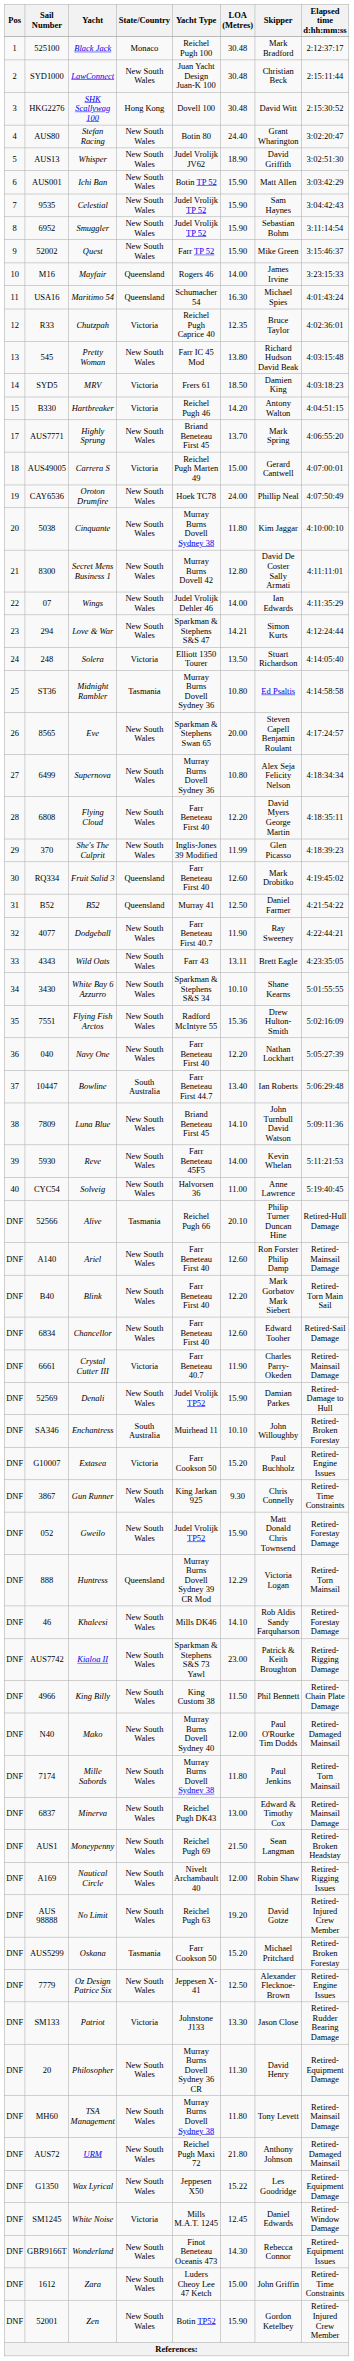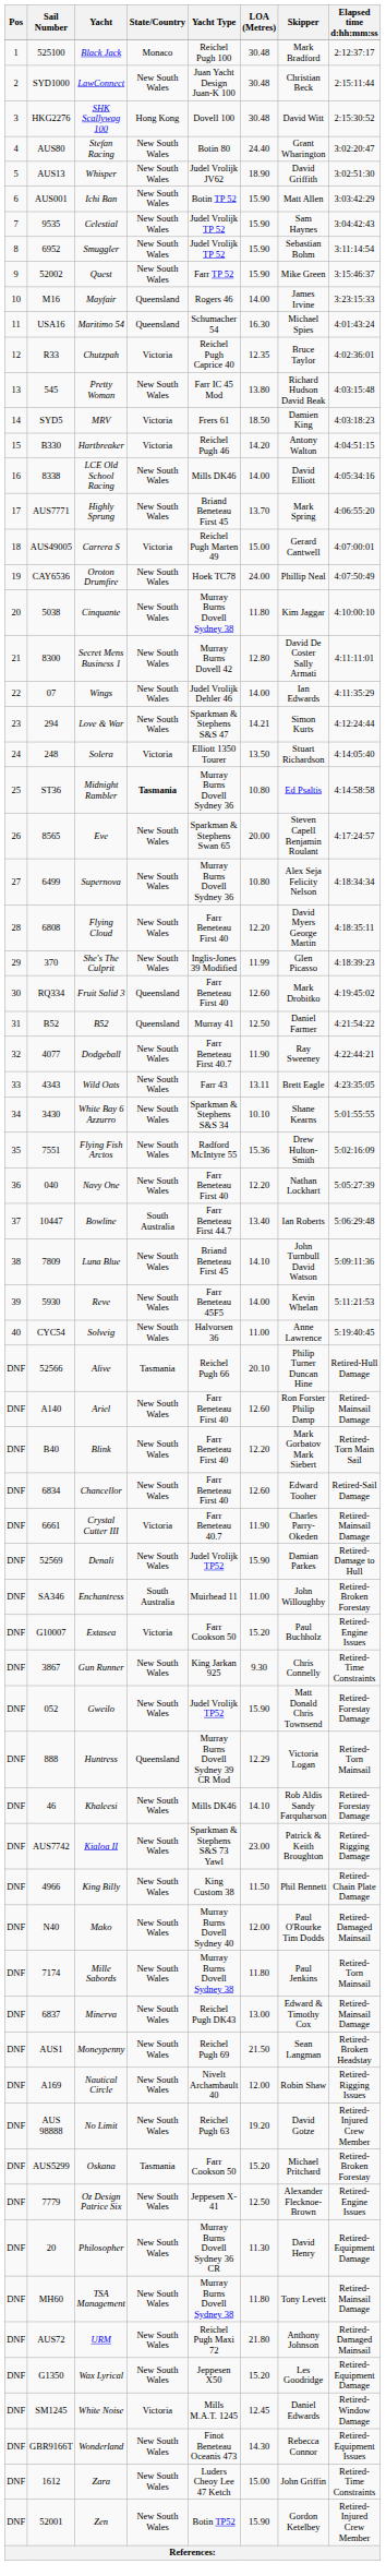 <table class="wikitable sortable" style="text-align: center;" "font-size: 100%;">
 <tr>
 <th>Pos</th>
 <th>Sail Number</th>
 <th>Yacht</th>
 <th>State/Country</th>
 <th>Yacht Type</th>
 <th>LOA <br>(Metres)</th>
 <th>Skipper</th>
 <th>Elapsed time <br>d:hh:mm:ss</th>
 </tr>
 <tr style="font-weight:bold">
 </tr>
 <tr>
 <td>1</td>
 <td>525100</td>
 <td><em><a href='#'>Black Jack</a></em></td>
 <td> Monaco</td>
 <td>Reichel Pugh 100</td>
 <td>30.48</td>
 <td>Mark Bradford</td>
 <td>2:12:37:17</td>
 </tr>
 <tr>
 <td>2</td>
 <td>SYD1000</td>
 <td><em><a href='#'>LawConnect</a></em></td>
 <td> New South Wales</td>
 <td>Juan Yacht Design Juan-K 100</td>
 <td>30.48</td>
 <td>Christian Beck</td>
 <td>2:15:11:44</td>
 </tr>
 <tr>
 <td>3</td>
 <td>HKG2276</td>
 <td><em><a href='#'>SHK Scallywag 100</a></em></td>
 <td> Hong Kong</td>
 <td>Dovell 100</td>
 <td>30.48</td>
 <td>David Witt</td>
 <td>2:15:30:52</td>
 </tr>
 <tr>
 <td>4</td>
 <td>AUS80</td>
 <td><em>Stefan Racing</em></td>
 <td> New South Wales</td>
 <td>Botin 80</td>
 <td>24.40</td>
 <td>Grant Wharington</td>
 <td>3:02:20:47</td>
 </tr>
 <tr>
 <td>5</td>
 <td>AUS13</td>
 <td><em>Whisper</em></td>
 <td> New South Wales</td>
 <td>Judel Vrolijk JV62</td>
 <td>18.90</td>
 <td>David Griffith</td>
 <td>3:02:51:30</td>
 </tr>
 <tr>
 <td>6</td>
 <td>AUS001</td>
 <td><em>Ichi Ban</em></td>
 <td> New South Wales</td>
 <td>Botin <a href='#'>TP 52</a></td>
 <td>15.90</td>
 <td>Matt Allen</td>
 <td>3:03:42:29 </td>
 </tr>
 <tr>
 <td>7</td>
 <td>9535</td>
 <td><em>Celestial</em></td>
 <td> New South Wales</td>
 <td>Judel Vrolijk <a href='#'>TP 52</a></td>
 <td>15.90</td>
 <td>Sam Haynes</td>
 <td>3:04:42:43 </td>
 </tr>
 <tr>
 <td>8</td>
 <td>6952</td>
 <td><em>Smuggler</em></td>
 <td> New South Wales</td>
 <td>Judel Vrolijk <a href='#'>TP 52</a></td>
 <td>15.90</td>
 <td>Sebastian Bohm</td>
 <td>3:11:14:54</td>
 </tr>
 <tr>
 <td>9</td>
 <td>52002</td>
 <td><em>Quest</em></td>
 <td> New South Wales</td>
 <td>Farr <a href='#'>TP 52</a></td>
 <td>15.90</td>
 <td>Mike Green</td>
 <td>3:15:46:37</td>
 </tr>
 <tr>
 <td>10</td>
 <td>M16</td>
 <td><em>Mayfair</em></td>
 <td> Queensland</td>
 <td>Rogers 46</td>
 <td>14.00</td>
 <td>James Irvine</td>
 <td>3:23:15:33</td>
 </tr>
 <tr>
 <td>11</td>
 <td>USA16</td>
 <td><em>Maritimo 54</em></td>
 <td> Queensland</td>
 <td>Schumacher 54</td>
 <td>16.30</td>
 <td>Michael Spies</td>
 <td>4:01:43:24</td>
 </tr>
 <tr>
 <td>12</td>
 <td>R33</td>
 <td><em>Chutzpah</em></td>
 <td> Victoria</td>
 <td>Reichel Pugh Caprice 40</td>
 <td>12.35</td>
 <td>Bruce Taylor</td>
 <td>4:02:36:01</td>
 </tr>
 <tr>
 <td>13</td>
 <td>545</td>
 <td><em>Pretty Woman</em></td>
 <td> New South Wales</td>
 <td>Farr IC 45 Mod</td>
 <td>13.80</td>
 <td>Richard Hudson <br> David Beak</td>
 <td>4:03:15:48</td>
 </tr>
 <tr>
 <td>14</td>
 <td>SYD5</td>
 <td><em>MRV</em></td>
 <td> Victoria</td>
 <td>Frers 61</td>
 <td>18.50</td>
 <td>Damien King</td>
 <td>4:03:18:23</td>
 </tr>
 <tr>
 <td>15</td>
 <td>B330</td>
 <td><em>Hartbreaker</em></td>
 <td> Victoria</td>
 <td>Reichel Pugh 46</td>
 <td>14.20</td>
 <td>Antony Walton</td>
 <td>4:04:51:15</td>
 </tr>
 <tr>
+<td>16</td>
+<td>8338</td>
+<td><em>LCE Old School Racing</em></td>
+<td> New South Wales</td>
+<td>Mills DK46</td>
+<td>14.00</td>
+<td>David Elliott</td>
+<td>4:05:34:16</td>
+</tr>
+<tr>
 <td>17</td>
 <td>AUS7771</td>
 <td><em>Highly Sprung</em></td>
 <td> New South Wales</td>
 <td>Briand Beneteau First 45</td>
 <td>13.70</td>
 <td>Mark Spring</td>
 <td>4:06:55:20</td>
 </tr>
 <tr>
 <td>18</td>
 <td>AUS49005</td>
 <td><em>Carrera S</em></td>
 <td> Victoria</td>
 <td>Reichel Pugh Marten 49</td>
 <td>15.00</td>
 <td>Gerard Cantwell</td>
 <td>4:07:00:01</td>
 </tr>
 <tr>
 <td>19</td>
 <td>CAY6536</td>
 <td><em>Oroton Drumfire</em></td>
 <td> New South Wales</td>
 <td>Hoek TC78</td>
 <td>24.00</td>
 <td>Phillip Neal</td>
 <td>4:07:50:49</td>
 </tr>
 <tr>
 <td>20</td>
 <td>5038</td>
 <td><em>Cinquante</em></td>
 <td> New South Wales</td>
 <td>Murray Burns Dovell <a href='#'>Sydney 38</a></td>
 <td>11.80</td>
 <td>Kim Jaggar</td>
 <td>4:10:00:10</td>
 </tr>
 <tr>
 <td>21</td>
 <td>8300</td>
 <td><em>Secret Mens Business 1</em></td>
 <td> New South Wales</td>
 <td>Murray Burns Dovell 42</td>
 <td>12.80</td>
 <td>David De Coster <br> Sally Armati</td>
 <td>4:11:11:01</td>
 </tr>
 <tr>
 <td>22</td>
 <td>07</td>
 <td><em>Wings</em></td>
 <td> New South Wales</td>
 <td>Judel Vrolijk Dehler 46</td>
 <td>14.00</td>
 <td>Ian Edwards</td>
 <td>4:11:35:29</td>
 </tr>
 <tr>
 <td>23</td>
 <td>294</td>
 <td><em>Love & War</em></td>
 <td> New South Wales</td>
 <td>Sparkman & Stephens S&S 47</td>
 <td>14.21</td>
 <td>Simon Kurts</td>
 <td>4:12:24:44</td>
 </tr>
 <tr>
 <td>24</td>
 <td>248</td>
 <td><em>Solera</em></td>
 <td> Victoria</td>
 <td>Elliott 1350 Tourer</td>
 <td>13.50</td>
 <td>Stuart Richardson</td>
 <td>4:14:05:40</td>
 </tr>
 <tr>
 <td>25</td>
 <td>ST36</td>
 <td><em>Midnight Rambler</em></td>
-<td> Tasmania</td>
+<td><strong> Tasmania</strong></td>
 <td>Murray Burns Dovell Sydney 36</td>
 <td>10.80</td>
 <td><a href='#'>Ed Psaltis</a></td>
 <td>4:14:58:58</td>
 </tr>
 <tr>
 <td>26</td>
 <td>8565</td>
 <td><em>Eve</em></td>
 <td> New South Wales</td>
 <td>Sparkman & Stephens Swan 65</td>
 <td>20.00</td>
 <td>Steven Capell <br> Benjamin Roulant</td>
 <td>4:17:24:57</td>
 </tr>
 <tr>
 <td>27</td>
 <td>6499</td>
 <td><em>Supernova</em></td>
 <td> New South Wales</td>
 <td>Murray Burns Dovell Sydney 36</td>
 <td>10.80</td>
 <td>Alex Seja <br> Felicity Nelson</td>
 <td>4:18:34:34</td>
 </tr>
 <tr>
 <td>28</td>
 <td>6808</td>
 <td><em>Flying Cloud</em></td>
 <td> New South Wales</td>
 <td>Farr Beneteau First 40</td>
 <td>12.20</td>
 <td>David Myers <br> George Martin</td>
 <td>4:18:35:11</td>
 </tr>
 <tr>
 <td>29</td>
 <td>370</td>
 <td><em>She's The Culprit</em></td>
 <td> New South Wales</td>
 <td>Inglis-Jones 39 Modified</td>
 <td>11.99</td>
 <td>Glen Picasso</td>
 <td>4:18:39:23</td>
 </tr>
 <tr>
 <td>30</td>
 <td>RQ334</td>
 <td><em>Fruit Salid 3</em></td>
 <td> Queensland</td>
 <td>Farr Beneteau First 40</td>
 <td>12.60</td>
 <td>Mark Drobitko</td>
 <td>4:19:45:02</td>
 </tr>
 <tr>
 <td>31</td>
 <td>B52</td>
 <td><em>B52</em></td>
 <td> Queensland</td>
 <td>Murray 41</td>
 <td>12.50</td>
 <td>Daniel Farmer</td>
 <td>4:21:54:22</td>
 </tr>
 <tr>
 <td>32</td>
 <td>4077</td>
 <td><em>Dodgeball</em></td>
 <td> New South Wales</td>
 <td>Farr Beneteau First 40.7</td>
 <td>11.90</td>
 <td>Ray Sweeney</td>
 <td>4:22:44:21</td>
 </tr>
 <tr>
 <td>33</td>
 <td>4343</td>
 <td><em>Wild Oats</em></td>
 <td> New South Wales</td>
 <td>Farr 43</td>
 <td>13.11</td>
 <td>Brett Eagle</td>
 <td>4:23:35:05</td>
 </tr>
 <tr>
 <td>34</td>
 <td>3430</td>
 <td><em>White Bay 6 Azzurro</em></td>
 <td> New South Wales</td>
 <td>Sparkman & Stephens S&S 34</td>
 <td>10.10</td>
 <td>Shane Kearns</td>
 <td>5:01:55:55</td>
 </tr>
 <tr>
 <td>35</td>
 <td>7551</td>
 <td><em>Flying Fish Arctos</em></td>
 <td> New South Wales</td>
 <td>Radford McIntyre 55</td>
 <td>15.36</td>
 <td>Drew Hulton-Smith</td>
 <td>5:02:16:09</td>
 </tr>
 <tr>
 <td>36</td>
 <td>040</td>
 <td><em>Navy One</em></td>
 <td> New South Wales</td>
 <td>Farr Beneteau First 40</td>
 <td>12.20</td>
 <td>Nathan Lockhart</td>
 <td>5:05:27:39</td>
 </tr>
 <tr>
 <td>37</td>
 <td>10447</td>
 <td><em>Bowline</em></td>
 <td> South Australia</td>
 <td>Farr Beneteau First 44.7</td>
 <td>13.40</td>
 <td>Ian Roberts</td>
 <td>5:06:29:48</td>
 </tr>
 <tr>
 <td>38</td>
 <td>7809</td>
 <td><em>Luna Blue</em></td>
 <td> New South Wales</td>
 <td>Briand Beneteau First 45</td>
 <td>14.10</td>
 <td>John Turnbull <br> David Watson</td>
 <td>5:09:11:36</td>
 </tr>
 <tr>
 <td>39</td>
 <td>5930</td>
 <td><em>Reve</em></td>
 <td> New South Wales</td>
 <td>Farr Beneteau 45F5</td>
 <td>14.00</td>
 <td>Kevin Whelan</td>
 <td>5:11:21:53</td>
 </tr>
 <tr>
 <td>40</td>
 <td>CYC54</td>
 <td><em>Solveig</em></td>
 <td> New South Wales</td>
 <td>Halvorsen 36</td>
 <td>11.00</td>
 <td>Anne Lawrence</td>
 <td>5:19:40:45</td>
 </tr>
 <tr>
 <td>DNF</td>
 <td>52566</td>
 <td><em>Alive</em></td>
 <td> Tasmania</td>
 <td>Reichel Pugh 66</td>
 <td>20.10</td>
 <td>Philip Turner <br> Duncan Hine</td>
 <td>Retired-Hull Damage</td>
 </tr>
 <tr>
 <td>DNF</td>
 <td>A140</td>
 <td><em>Ariel</em></td>
 <td> New South Wales</td>
 <td>Farr Beneteau First 40</td>
 <td>12.60</td>
 <td>Ron Forster <br> Philip Damp</td>
 <td>Retired-Mainsail Damage</td>
 </tr>
 <tr>
 <td>DNF</td>
 <td>B40</td>
 <td><em>Blink</em></td>
 <td> New South Wales</td>
 <td>Farr Beneteau First 40</td>
 <td>12.20</td>
 <td>Mark Gorbatov <br> Mark Siebert</td>
 <td>Retired-Torn Main Sail</td>
 </tr>
 <tr>
 <td>DNF</td>
 <td>6834</td>
 <td><em>Chancellor</em></td>
 <td> New South Wales</td>
 <td>Farr Beneteau First 40</td>
 <td>12.60</td>
 <td>Edward Tooher</td>
 <td>Retired-Sail Damage</td>
 </tr>
 <tr>
 <td>DNF</td>
 <td>6661</td>
 <td><em>Crystal Cutter III</em></td>
 <td> Victoria</td>
 <td>Farr Beneteau 40.7</td>
 <td>11.90</td>
 <td>Charles Parry-Okeden</td>
 <td>Retired-Mainsail Damage</td>
 </tr>
 <tr>
 <td>DNF</td>
 <td>52569</td>
 <td><em>Denali</em></td>
 <td> New South Wales</td>
 <td>Judel Vrolijk <a href='#'>TP52</a></td>
 <td>15.90</td>
 <td>Damian Parkes</td>
 <td>Retired-Damage to Hull</td>
 </tr>
 <tr>
 <td>DNF</td>
 <td>SA346</td>
 <td><em>Enchantress</em></td>
 <td> South Australia</td>
 <td>Muirhead 11</td>
-<td>10.10</td>
+<td>11.00</td>
 <td>John Willoughby</td>
 <td>Retired-Broken Forestay</td>
 </tr>
 <tr>
 <td>DNF</td>
 <td>G10007</td>
 <td><em>Extasea</em></td>
 <td> Victoria</td>
 <td>Farr Cookson 50</td>
 <td>15.20</td>
 <td>Paul Buchholz</td>
 <td>Retired-Engine Issues</td>
 </tr>
 <tr>
 <td>DNF</td>
 <td>3867</td>
 <td><em>Gun Runner</em></td>
 <td> New South Wales</td>
 <td>King Jarkan 925</td>
 <td>9.30</td>
 <td>Chris Connelly</td>
 <td>Retired-Time Constraints</td>
 </tr>
 <tr>
 <td>DNF</td>
 <td>052</td>
 <td><em>Gweilo</em></td>
 <td> New South Wales</td>
 <td>Judel Vrolijk <a href='#'>TP52</a></td>
 <td>15.90</td>
 <td>Matt Donald <br> Chris Townsend</td>
 <td>Retired-Forestay Damage</td>
 </tr>
 <tr>
 <td>DNF</td>
 <td>888</td>
 <td><em>Huntress</em></td>
 <td> Queensland</td>
 <td>Murray Burns Dovell Sydney 39 CR Mod</td>
 <td>12.29</td>
 <td>Victoria Logan</td>
 <td>Retired-Torn Mainsail</td>
 </tr>
 <tr>
 <td>DNF</td>
 <td>46</td>
 <td><em>Khaleesi</em></td>
 <td> New South Wales</td>
 <td>Mills DK46</td>
 <td>14.10</td>
 <td>Rob Aldis <br> Sandy Farquharson</td>
 <td>Retired-Forestay Damage</td>
 </tr>
 <tr>
 <td>DNF</td>
 <td>AUS7742</td>
 <td><em><a href='#'>Kialoa II</a></em></td>
 <td> New South Wales</td>
 <td>Sparkman & Stephens S&S 73 Yawl</td>
 <td>23.00</td>
 <td>Patrick & Keith Broughton</td>
 <td>Retired-Rigging Damage</td>
 </tr>
 <tr>
 <td>DNF</td>
 <td>4966</td>
 <td><em>King Billy</em></td>
 <td> New South Wales</td>
 <td>King Custom 38</td>
 <td>11.50</td>
 <td>Phil Bennett</td>
 <td>Retired-Chain Plate Damage</td>
 </tr>
 <tr>
 <td>DNF</td>
 <td>N40</td>
 <td><em>Mako</em></td>
 <td> New South Wales</td>
 <td>Murray Burns Dovell Sydney 40</td>
 <td>12.00</td>
 <td>Paul O'Rourke <br> Tim Dodds</td>
 <td>Retired-Damaged Mainsail</td>
 </tr>
 <tr>
 <td>DNF</td>
 <td>7174</td>
 <td><em>Mille Sabords</em></td>
 <td> New South Wales</td>
 <td>Murray Burns Dovell <a href='#'>Sydney 38</a></td>
 <td>11.80</td>
 <td>Paul Jenkins</td>
 <td>Retired-Torn Mainsail</td>
 </tr>
 <tr>
 <td>DNF</td>
 <td>6837</td>
 <td><em>Minerva</em></td>
 <td> New South Wales</td>
 <td>Reichel Pugh DK43</td>
 <td>13.00</td>
 <td>Edward & Timothy Cox</td>
 <td>Retired-Mainsail Damage</td>
 </tr>
 <tr>
 <td>DNF</td>
 <td>AUS1</td>
 <td><em>Moneypenny</em></td>
 <td> New South Wales</td>
 <td>Reichel Pugh 69</td>
 <td>21.50</td>
 <td>Sean Langman</td>
 <td>Retired-Broken Headstay</td>
 </tr>
 <tr>
 <td>DNF</td>
 <td>A169</td>
 <td><em>Nautical Circle</em></td>
 <td> New South Wales</td>
 <td>Nivelt Archambault 40</td>
 <td>12.00</td>
 <td>Robin Shaw</td>
 <td>Retired-Rigging Issues</td>
 </tr>
 <tr>
 <td>DNF</td>
 <td>AUS 98888</td>
 <td><em>No Limit</em></td>
 <td> New South Wales</td>
 <td>Reichel Pugh 63</td>
 <td>19.20</td>
 <td>David Gotze</td>
 <td>Retired-Injured Crew Member</td>
 </tr>
 <tr>
 <td>DNF</td>
 <td>AUS5299</td>
 <td><em>Oskana</em></td>
 <td> Tasmania</td>
 <td>Farr Cookson 50</td>
 <td>15.20</td>
 <td>Michael Pritchard</td>
 <td>Retired-Broken Forestay</td>
 </tr>
 <tr>
 <td>DNF</td>
 <td>7779</td>
 <td><em>Oz Design Patrice Six</em></td>
 <td> New South Wales</td>
 <td>Jeppesen X-41</td>
 <td>12.50</td>
 <td>Alexander Flecknoe-Brown</td>
 <td>Retired-Engine Issues</td>
 </tr>
 <tr>
 <td>DNF</td>
-<td>SM133</td>
-<td><em>Patriot</em></td>
-<td> Victoria</td>
-<td>Johnstone J133</td>
-<td>13.30</td>
-<td>Jason Close</td>
-<td>Retired-Rudder Bearing Damage</td>
-</tr>
-<tr>
-<td>DNF</td>
 <td>20</td>
 <td><em>Philosopher</em></td>
 <td> New South Wales</td>
 <td>Murray Burns Dovell Sydney 36 CR</td>
 <td>11.30</td>
 <td>David Henry</td>
 <td>Retired-Equipment Damage</td>
 </tr>
 <tr>
 <td>DNF</td>
 <td>MH60</td>
 <td><em>TSA Management</em></td>
 <td> New South Wales</td>
 <td>Murray Burns Dovell <a href='#'>Sydney 38</a></td>
 <td>11.80</td>
 <td>Tony Levett</td>
 <td>Retired-Mainsail Damage</td>
 </tr>
 <tr>
 <td>DNF</td>
 <td>AUS72</td>
 <td><em><a href='#'>URM</a></em></td>
 <td> New South Wales</td>
 <td>Reichel Pugh Maxi 72</td>
 <td>21.80</td>
 <td>Anthony Johnson</td>
 <td>Retired-Damaged Mainsail</td>
 </tr>
 <tr>
 <td>DNF</td>
 <td>G1350</td>
 <td><em>Wax Lyrical</em></td>
 <td> New South Wales</td>
 <td>Jeppesen X50</td>
-<td>15.22</td>
+<td>15.20</td>
 <td>Les Goodridge</td>
 <td>Retired-Equipment Damage</td>
 </tr>
 <tr>
 <td>DNF</td>
 <td>SM1245</td>
 <td><em>White Noise</em></td>
 <td> Victoria</td>
 <td>Mills M.A.T. 1245</td>
 <td>12.45</td>
 <td>Daniel Edwards</td>
 <td>Retired-Window Damage</td>
 </tr>
 <tr>
 <td>DNF</td>
 <td>GBR9166T</td>
 <td><em>Wonderland</em></td>
 <td> New South Wales</td>
 <td>Finot Beneteau Oceanis 473</td>
 <td>14.30</td>
 <td>Rebecca Connor</td>
 <td>Retired-Equipment Issues</td>
 </tr>
 <tr>
 <td>DNF</td>
 <td>1612</td>
 <td><em>Zara</em></td>
 <td> New South Wales</td>
 <td>Luders Cheoy Lee 47 Ketch</td>
 <td>15.00</td>
 <td>John Griffin</td>
 <td>Retired-Time Constraints</td>
 </tr>
 <tr>
 <td>DNF</td>
 <td>52001</td>
 <td><em>Zen</em></td>
 <td> New South Wales</td>
 <td>Botin <a href='#'>TP52</a></td>
 <td>15.90</td>
 <td>Gordon Ketelbey</td>
 <td>Retired-Injured Crew Member</td>
 </tr>
 <tr>
 <th colspan=8>References:</th>
 </tr>
 </table>
